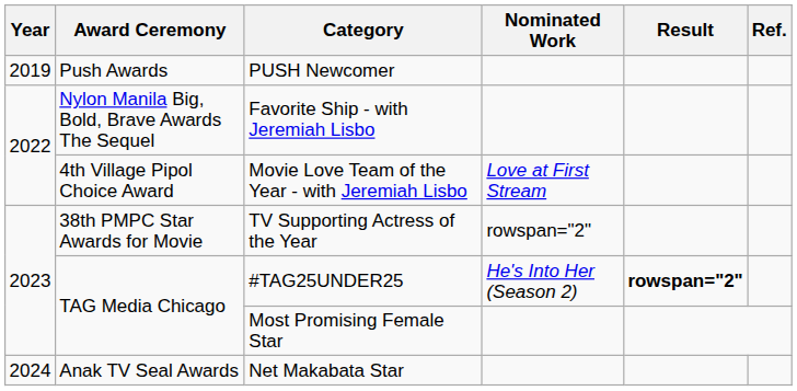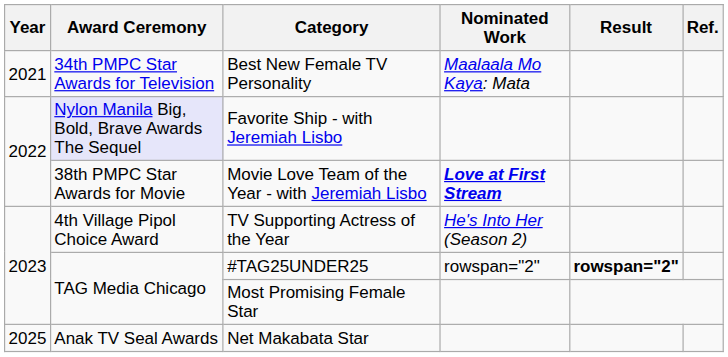 <table class="wikitable sortable"style="font-size:90%">
 <tr>
 <th>Year</th>
 <th>Award Ceremony</th>
 <th>Category</th>
 <th>Nominated Work</th>
 <th>Result</th>
 <th>Ref.</th>
 </tr>
 <tr>
-<td align="center">2019</td>
-<td>Push Awards</td>
-<td>PUSH Newcomer</td>
+<td align="center">2021</td>
+<td><a href='#'>34th PMPC Star Awards for Television</a></td>
+<td>Best New Female TV Personality</td>
+<td><em><a href='#'>Maalaala Mo Kaya</a>: Mata</em></td>
 <td></td>
-<td></td>
-<td align="center"></td>
+<td align="center"><br><br></td>
 </tr>
 <tr>
 <td rowspan="2" align="center">2022</td>
-<td><a href='#'>Nylon Manila</a> Big, Bold, Brave Awards The Sequel</td>
+<td style="background: lavender;"><a href='#'>Nylon Manila</a> Big, Bold, Brave Awards The Sequel</td>
 <td>Favorite Ship - with <a href='#'>Jeremiah Lisbo</a></td>
 <td></td>
 <td></td>
 <td align="center"></td>
 </tr>
 <tr>
-<td>4th Village Pipol Choice Award</td>
+<td>38th PMPC Star Awards for Movie</td>
 <td>Movie Love Team of the Year - with <a href='#'>Jeremiah Lisbo</a></td>
-<td><em><a href='#'>Love at First Stream</a></em></td>
+<td><strong><em><a href='#'>Love at First Stream</a></em></strong></td>
 <td></td>
 <td align="center"></td>
 </tr>
 <tr>
 <td rowspan="3" align="center">2023</td>
-<td>38th PMPC Star Awards for Movie</td>
+<td>4th Village Pipol Choice Award</td>
 <td>TV Supporting Actress of the Year</td>
-<td>rowspan="2"</td>
+<td><em><a href='#'>He's Into Her</a> (Season 2)</em></td>
 <td></td>
 <td align="center"><br></td>
 </tr>
 <tr>
 <td rowspan="2">TAG Media Chicago</td>
 <td>#TAG25UNDER25</td>
-<td><em><a href='#'>He's Into Her</a> (Season 2)</em></td>
+<td>rowspan="2"</td>
 <td><strong>rowspan="2"</strong></td>
 <td align="center"></td>
 </tr>
 <tr>
 <td>Most Promising Female Star</td>
 <td align="center"></td>
 </tr>
 <tr>
-<td>2024</td>
+<td>2025</td>
 <td>Anak TV Seal Awards</td>
 <td>Net Makabata Star</td>
 <td></td>
 <td></td>
 <td></td>
 </tr>
 </table>
